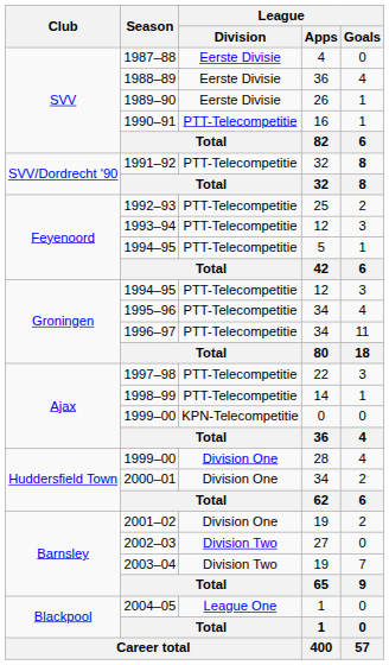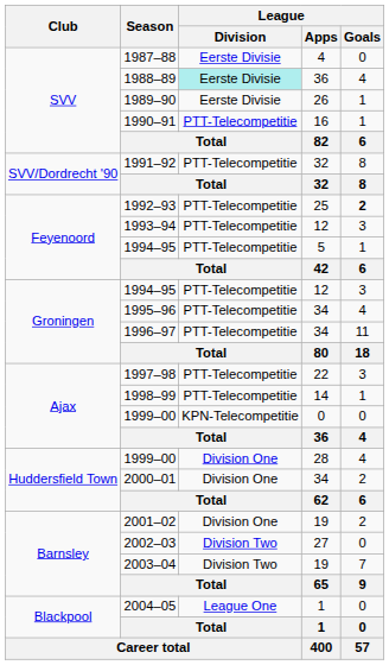 <table class="wikitable" style="text-align:center">
 <tr>
 <th rowspan="2">Club</th>
 <th rowspan="2">Season</th>
 <th colspan="3">League</th>
 </tr>
 <tr>
 <th>Division</th>
 <th>Apps</th>
 <th>Goals</th>
 </tr>
 <tr>
 <td rowspan="5"><a href='#'>SVV</a></td>
 <td>1987–88</td>
 <td><a href='#'>Eerste Divisie</a></td>
 <td>4</td>
 <td>0</td>
 </tr>
 <tr>
 <td>1988–89</td>
-<td>Eerste Divisie</td>
+<td style="background: paleturquoise;">Eerste Divisie</td>
 <td>36</td>
 <td>4</td>
 </tr>
 <tr>
 <td>1989–90</td>
 <td>Eerste Divisie</td>
 <td>26</td>
 <td>1</td>
 </tr>
 <tr>
 <td>1990–91</td>
 <td><a href='#'>PTT-Telecompetitie</a></td>
 <td>16</td>
 <td>1</td>
 </tr>
 <tr>
 <th colspan="2">Total</th>
 <th>82</th>
 <th>6</th>
 </tr>
 <tr>
 <td rowspan="2"><a href='#'>SVV/Dordrecht '90</a></td>
 <td>1991–92</td>
 <td>PTT-Telecompetitie</td>
 <td>32</td>
-<td><strong>8</strong></td>
+<td>8</td>
 </tr>
 <tr>
 <th colspan="2">Total</th>
 <th>32</th>
 <th>8</th>
 </tr>
 <tr>
 <td rowspan="4"><a href='#'>Feyenoord</a></td>
 <td>1992–93</td>
 <td>PTT-Telecompetitie</td>
 <td>25</td>
-<td>2</td>
+<td><strong>2</strong></td>
 </tr>
 <tr>
 <td>1993–94</td>
 <td>PTT-Telecompetitie</td>
 <td>12</td>
 <td>3</td>
 </tr>
 <tr>
 <td>1994–95</td>
 <td>PTT-Telecompetitie</td>
 <td>5</td>
 <td>1</td>
 </tr>
 <tr>
 <th colspan="2">Total</th>
 <th>42</th>
 <th>6</th>
 </tr>
 <tr>
 <td rowspan="4"><a href='#'>Groningen</a></td>
 <td>1994–95</td>
 <td>PTT-Telecompetitie</td>
 <td>12</td>
 <td>3</td>
 </tr>
 <tr>
 <td>1995–96</td>
 <td>PTT-Telecompetitie</td>
 <td>34</td>
 <td>4</td>
 </tr>
 <tr>
 <td>1996–97</td>
 <td>PTT-Telecompetitie</td>
 <td>34</td>
 <td>11</td>
 </tr>
 <tr>
 <th colspan="2">Total</th>
 <th>80</th>
 <th>18</th>
 </tr>
 <tr>
 <td rowspan="4"><a href='#'>Ajax</a></td>
 <td>1997–98</td>
 <td>PTT-Telecompetitie</td>
 <td>22</td>
 <td>3</td>
 </tr>
 <tr>
 <td>1998–99</td>
 <td>PTT-Telecompetitie</td>
 <td>14</td>
 <td>1</td>
 </tr>
 <tr>
 <td>1999–00</td>
 <td>KPN-Telecompetitie</td>
 <td>0</td>
 <td>0</td>
 </tr>
 <tr>
 <th colspan="2">Total</th>
 <th>36</th>
 <th>4</th>
 </tr>
 <tr>
 <td rowspan="3"><a href='#'>Huddersfield Town</a></td>
 <td>1999–00</td>
 <td><a href='#'>Division One</a></td>
 <td>28</td>
 <td>4</td>
 </tr>
 <tr>
 <td>2000–01</td>
 <td>Division One</td>
 <td>34</td>
 <td>2</td>
 </tr>
 <tr>
 <th colspan="2">Total</th>
 <th>62</th>
 <th>6</th>
 </tr>
 <tr>
 <td rowspan="4"><a href='#'>Barnsley</a></td>
 <td>2001–02</td>
 <td>Division One</td>
 <td>19</td>
 <td>2</td>
 </tr>
 <tr>
 <td>2002–03</td>
 <td><a href='#'>Division Two</a></td>
 <td>27</td>
 <td>0</td>
 </tr>
 <tr>
 <td>2003–04</td>
 <td>Division Two</td>
 <td>19</td>
 <td>7</td>
 </tr>
 <tr>
 <th colspan="2">Total</th>
 <th>65</th>
 <th>9</th>
 </tr>
 <tr>
 <td rowspan="2"><a href='#'>Blackpool</a></td>
 <td>2004–05</td>
 <td><a href='#'>League One</a></td>
 <td>1</td>
 <td>0</td>
 </tr>
 <tr>
 <th colspan="2">Total</th>
 <th>1</th>
 <th>0</th>
 </tr>
 <tr>
 <th colspan="3">Career total</th>
 <th>400</th>
 <th>57</th>
 </tr>
 </table>
